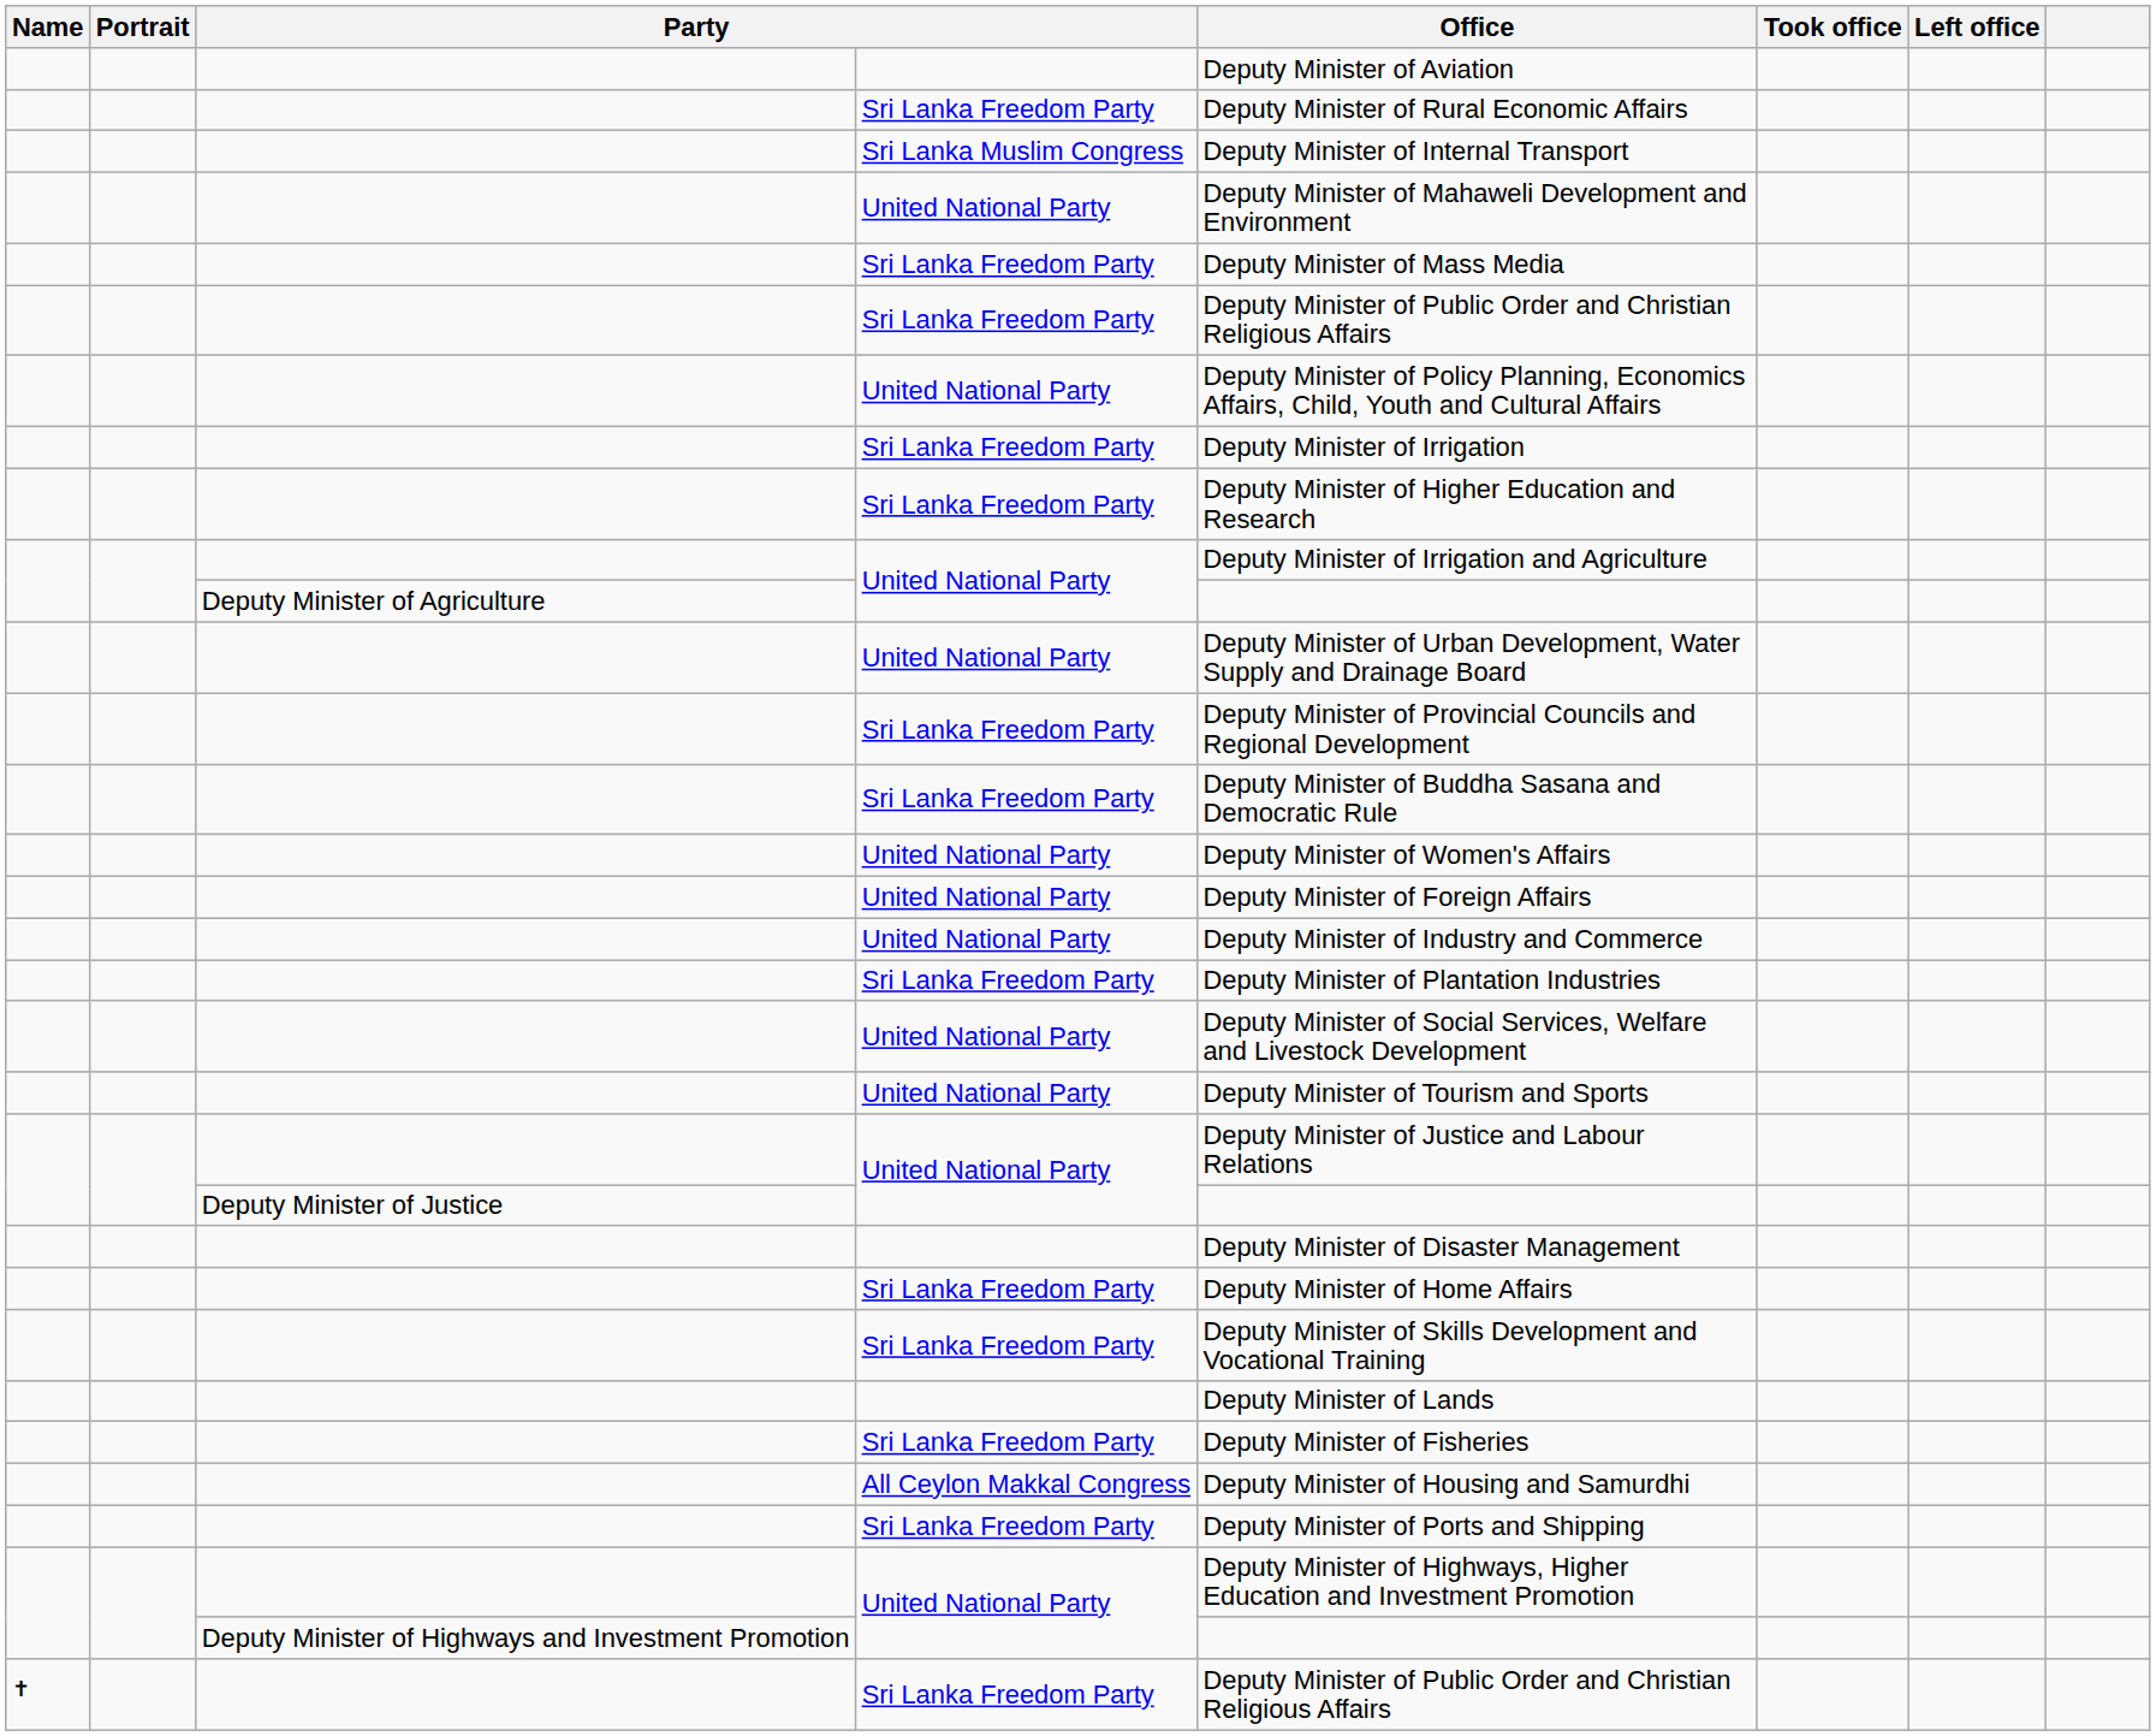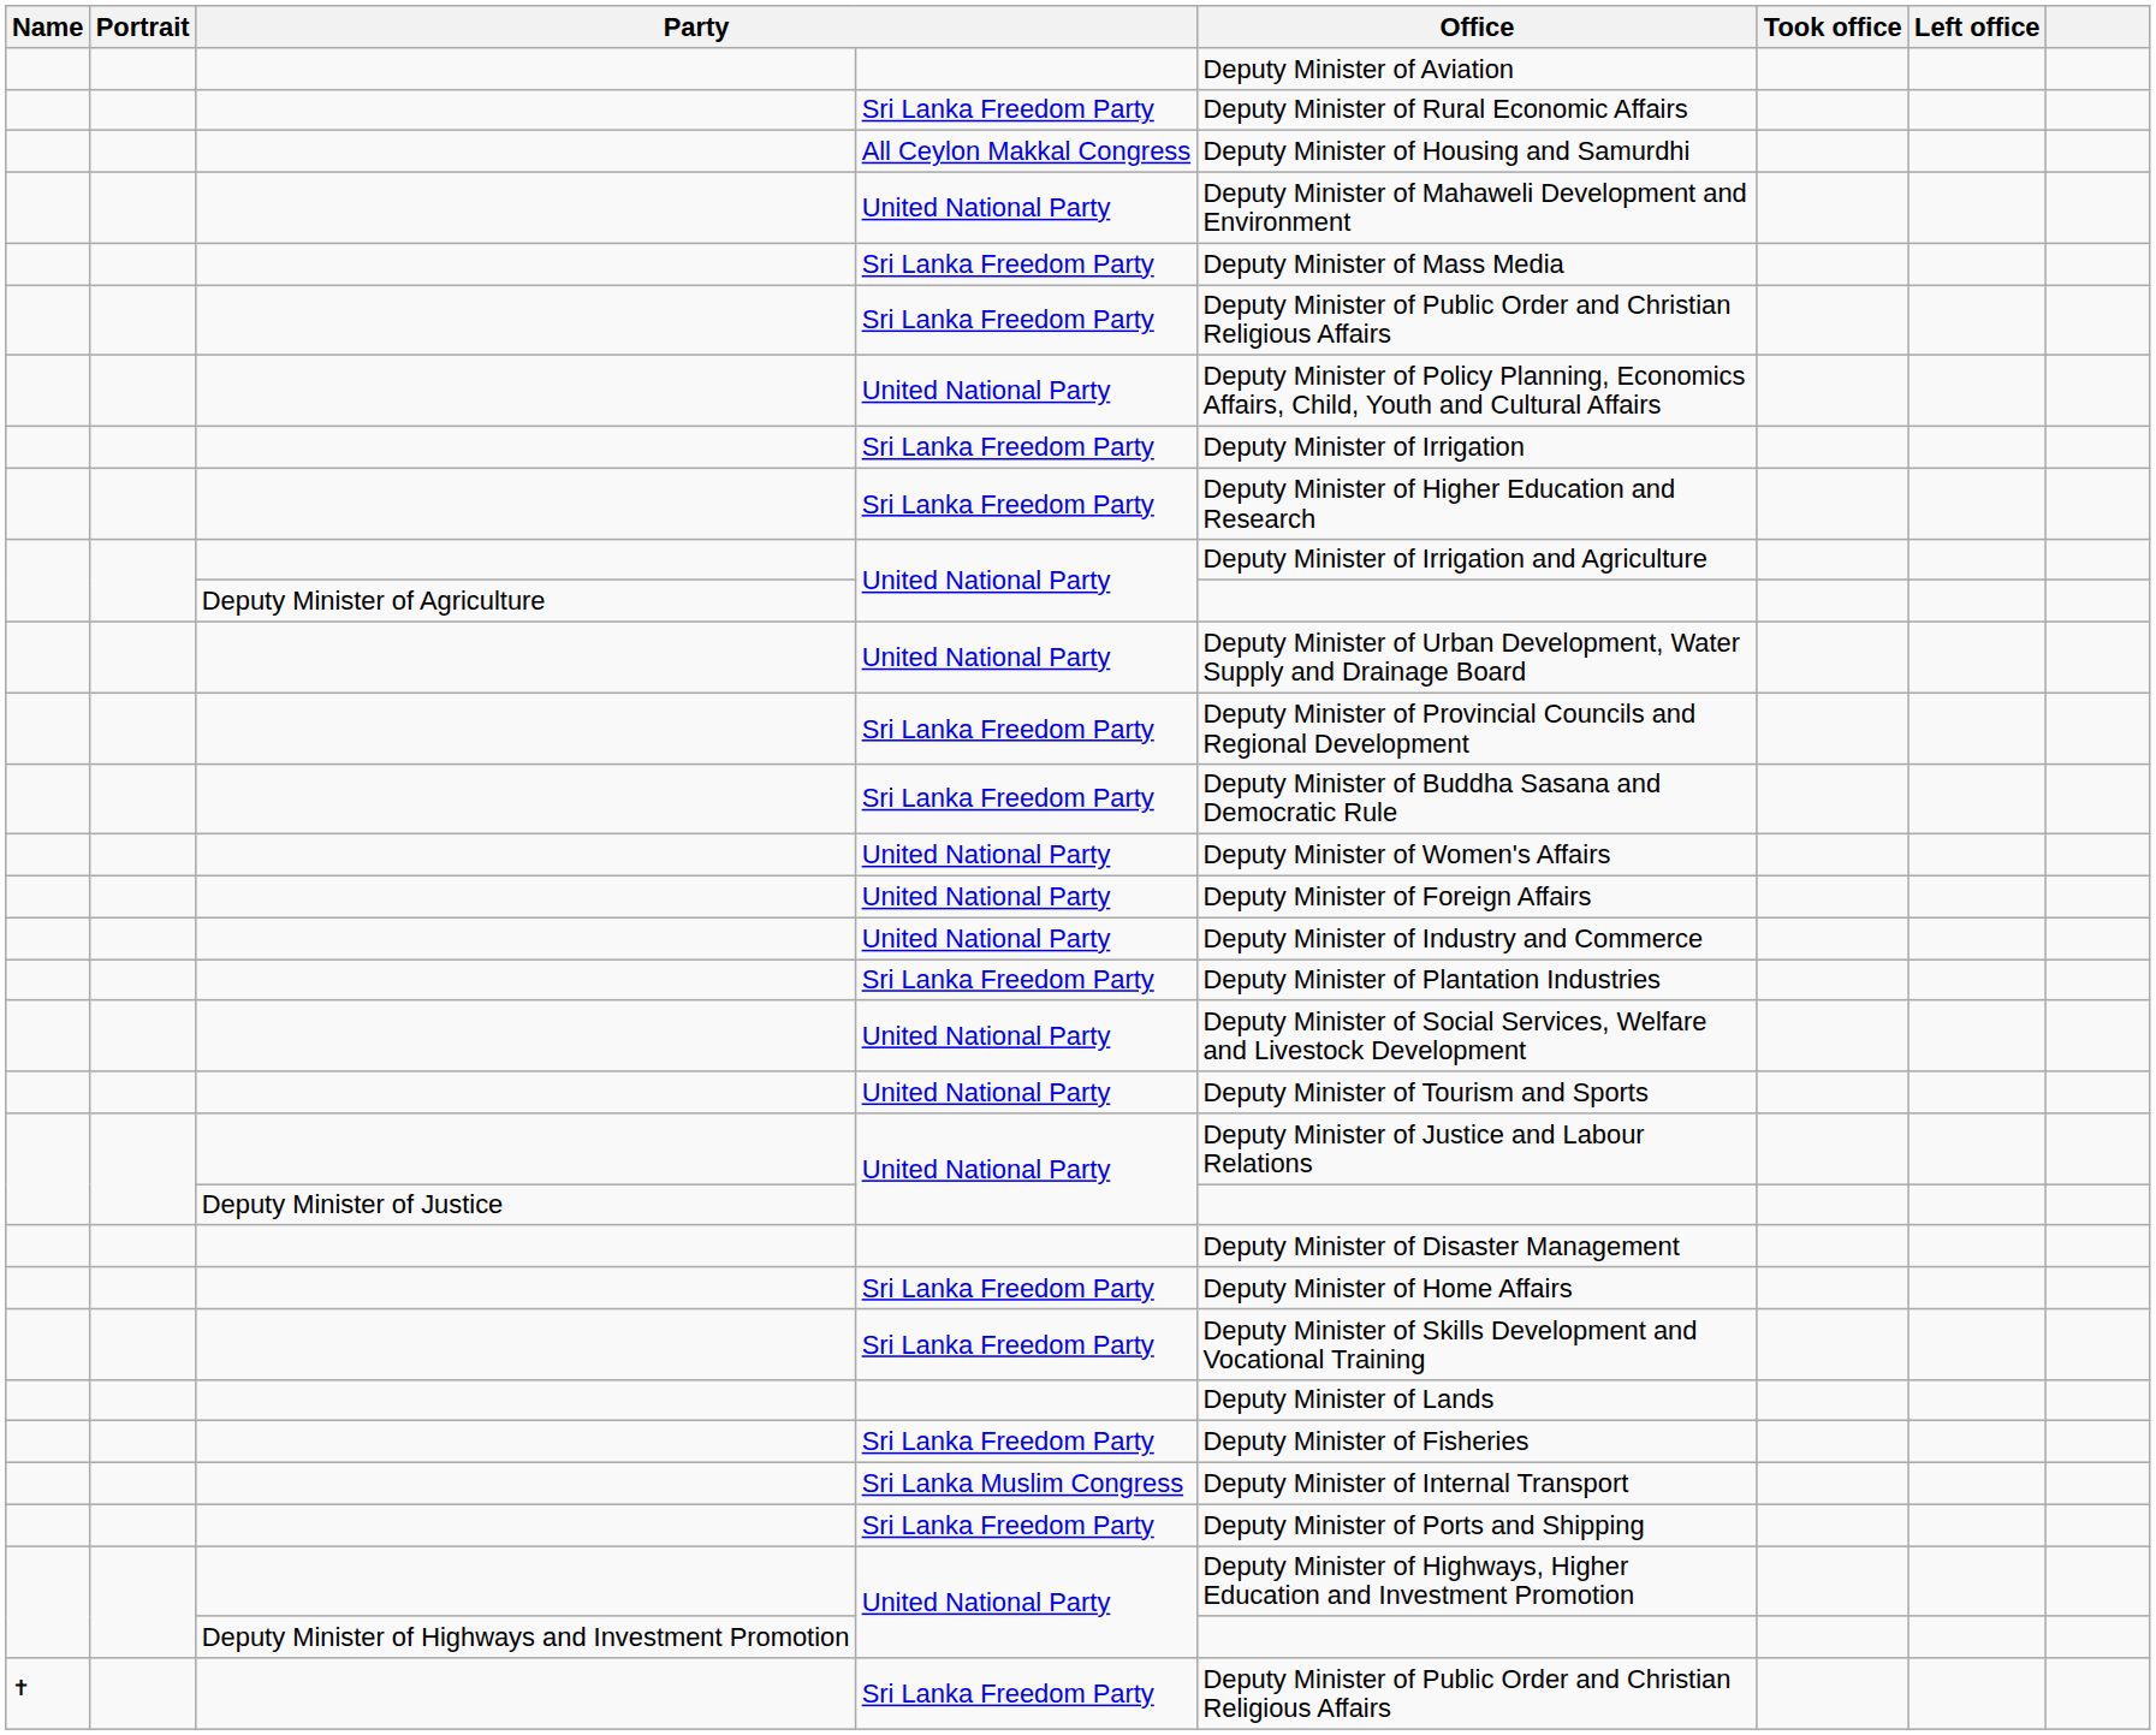 <table class="wikitable plainrowheaders sortable" style="font-size:90%; text-align:left;">
 <tr>
 <th scope=col>Name</th>
 <th scope=col class=unsortable>Portrait</th>
 <th scope=col colspan="2">Party</th>
 <th scope=col width=300px>Office</th>
 <th scope=col>Took office</th>
 <th scope=col>Left office</th>
 <th scope=col width=50px class=unsortable></th>
 </tr>
 <tr>
 <td></td>
 <td align=center></td>
 <td></td>
 <td></td>
 <td>Deputy Minister of Aviation</td>
 <td align=center></td>
 <td align=center></td>
 <td align=center></td>
 </tr>
 <tr>
 <td></td>
 <td align=center></td>
 <td !align="center" style="background:"></td>
 <td><a href='#'>Sri Lanka Freedom Party</a></td>
 <td>Deputy Minister of Rural Economic Affairs</td>
 <td align=center></td>
 <td align=center></td>
 <td align=center></td>
 </tr>
 <tr>
 <td></td>
 <td align=center></td>
 <td !align="center" style="background:"></td>
-<td><a href='#'>Sri Lanka Muslim Congress</a></td>
-<td>Deputy Minister of Internal Transport</td>
+<td><a href='#'>All Ceylon Makkal Congress</a></td>
+<td>Deputy Minister of Housing and Samurdhi</td>
 <td align=center></td>
 <td align=center></td>
 <td align=center></td>
 </tr>
 <tr>
 <td></td>
 <td align=center></td>
 <td !align="center" style="background:"></td>
 <td><a href='#'>United National Party</a></td>
 <td>Deputy Minister of Mahaweli Development and Environment</td>
 <td align=center></td>
 <td align=center></td>
 <td align=center></td>
 </tr>
 <tr>
 <td></td>
 <td align=center></td>
 <td !align="center" style="background:"></td>
 <td><a href='#'>Sri Lanka Freedom Party</a></td>
 <td>Deputy Minister of Mass Media</td>
 <td align=center></td>
 <td align=center></td>
 <td align=center></td>
 </tr>
 <tr>
 <td></td>
 <td align=center></td>
 <td !align="center" style="background:"></td>
 <td><a href='#'>Sri Lanka Freedom Party</a></td>
 <td>Deputy Minister of Public Order and Christian Religious Affairs</td>
 <td align=center></td>
 <td align=center></td>
 <td align=center></td>
 </tr>
 <tr>
 <td></td>
 <td align=center></td>
 <td !align="center" style="background:"></td>
 <td><a href='#'>United National Party</a></td>
 <td>Deputy Minister of Policy Planning, Economics Affairs, Child, Youth and Cultural Affairs</td>
 <td align=center></td>
 <td align=center></td>
 <td align=center></td>
 </tr>
 <tr>
 <td></td>
 <td align=center></td>
 <td !align="center" style="background:"></td>
 <td><a href='#'>Sri Lanka Freedom Party</a></td>
 <td>Deputy Minister of Irrigation</td>
 <td align=center></td>
 <td align=center></td>
 <td align=center></td>
 </tr>
 <tr>
 <td></td>
 <td align=center></td>
 <td !align="center" style="background:"></td>
 <td><a href='#'>Sri Lanka Freedom Party</a></td>
 <td>Deputy Minister of Higher Education and Research</td>
 <td align=center></td>
 <td align=center></td>
 <td align=center></td>
 </tr>
 <tr>
 <td rowspan=2></td>
 <td align=center rowspan=2></td>
 <td !align="center" style="background:"></td>
 <td rowspan=2><a href='#'>United National Party</a></td>
 <td>Deputy Minister of Irrigation and Agriculture</td>
 <td align=center></td>
 <td align=center></td>
 <td align=center></td>
 </tr>
 <tr>
 <td>Deputy Minister of Agriculture</td>
 <td align=center></td>
 <td align=center></td>
 <td align=center></td>
 </tr>
 <tr>
 <td></td>
 <td align=center></td>
 <td !align="center" style="background:"></td>
 <td><a href='#'>United National Party</a></td>
 <td>Deputy Minister of Urban Development, Water Supply and Drainage Board</td>
 <td align=center></td>
 <td align=center></td>
 <td align=center></td>
 </tr>
 <tr>
 <td></td>
 <td align=center></td>
 <td !align="center" style="background:"></td>
 <td><a href='#'>Sri Lanka Freedom Party</a></td>
 <td>Deputy Minister of Provincial Councils and Regional Development</td>
 <td align=center></td>
 <td align=center></td>
 <td align=center></td>
 </tr>
 <tr>
 <td></td>
 <td align=center></td>
 <td !align="center" style="background:"></td>
 <td><a href='#'>Sri Lanka Freedom Party</a></td>
 <td>Deputy Minister of Buddha Sasana and Democratic Rule</td>
 <td align=center></td>
 <td align=center></td>
 <td align=center></td>
 </tr>
 <tr>
 <td></td>
 <td align=center></td>
 <td !align="center" style="background:"></td>
 <td><a href='#'>United National Party</a></td>
 <td>Deputy Minister of Women's Affairs</td>
 <td align=center></td>
 <td align=center></td>
 <td align=center></td>
 </tr>
 <tr>
 <td></td>
 <td align=center></td>
 <td !align="center" style="background:"></td>
 <td><a href='#'>United National Party</a></td>
 <td>Deputy Minister of Foreign Affairs</td>
 <td align=center></td>
 <td align=center></td>
 <td align=center></td>
 </tr>
 <tr>
 <td></td>
 <td align=center></td>
 <td !align="center" style="background:"></td>
 <td><a href='#'>United National Party</a></td>
 <td>Deputy Minister of Industry and Commerce</td>
 <td align=center></td>
 <td align=center></td>
 <td align=center></td>
 </tr>
 <tr>
 <td></td>
 <td align=center></td>
 <td !align="center" style="background:"></td>
 <td><a href='#'>Sri Lanka Freedom Party</a></td>
 <td>Deputy Minister of Plantation Industries</td>
 <td align=center></td>
 <td align=center></td>
 <td align=center></td>
 </tr>
 <tr>
 <td></td>
 <td align=center></td>
 <td !align="center" style="background:"></td>
 <td><a href='#'>United National Party</a></td>
 <td>Deputy Minister of Social Services, Welfare and Livestock Development</td>
 <td align=center></td>
 <td align=center></td>
 <td align=center></td>
 </tr>
 <tr>
 <td></td>
 <td align=center></td>
 <td !align="center" style="background:"></td>
 <td><a href='#'>United National Party</a></td>
 <td>Deputy Minister of Tourism and Sports</td>
 <td align=center></td>
 <td align=center></td>
 <td align=center></td>
 </tr>
 <tr>
 <td rowspan=2></td>
 <td align=center rowspan=2></td>
 <td !align="center" style="background:"></td>
 <td rowspan=2><a href='#'>United National Party</a></td>
 <td>Deputy Minister of Justice and Labour Relations</td>
 <td align=center></td>
 <td align=center></td>
 <td align=center></td>
 </tr>
 <tr>
 <td>Deputy Minister of Justice</td>
 <td align=center></td>
 <td align=center></td>
 <td align=center></td>
 </tr>
 <tr>
 <td></td>
 <td align=center></td>
 <td></td>
 <td></td>
 <td>Deputy Minister of Disaster Management</td>
 <td align=center></td>
 <td align=center></td>
 <td align=center></td>
 </tr>
 <tr>
 <td></td>
 <td align=center></td>
 <td !align="center" style="background:"></td>
 <td><a href='#'>Sri Lanka Freedom Party</a></td>
 <td>Deputy Minister of Home Affairs</td>
 <td align=center></td>
 <td align=center></td>
 <td align=center></td>
 </tr>
 <tr>
 <td></td>
 <td align=center></td>
 <td !align="center" style="background:"></td>
 <td><a href='#'>Sri Lanka Freedom Party</a></td>
 <td>Deputy Minister of Skills Development and Vocational Training</td>
 <td align=center></td>
 <td align=center></td>
 <td align=center></td>
 </tr>
 <tr>
 <td></td>
 <td align=center></td>
 <td></td>
 <td></td>
 <td>Deputy Minister of Lands</td>
 <td align=center></td>
 <td align=center></td>
 <td align=center></td>
 </tr>
 <tr>
 <td></td>
 <td align=center></td>
 <td !align="center" style="background:"></td>
 <td><a href='#'>Sri Lanka Freedom Party</a></td>
 <td>Deputy Minister of Fisheries</td>
 <td align=center></td>
 <td align=center></td>
 <td align=center></td>
 </tr>
 <tr>
 <td></td>
 <td align=center></td>
 <td !align="center" style="background:"></td>
-<td><a href='#'>All Ceylon Makkal Congress</a></td>
-<td>Deputy Minister of Housing and Samurdhi</td>
+<td><a href='#'>Sri Lanka Muslim Congress</a></td>
+<td>Deputy Minister of Internal Transport</td>
 <td align=center></td>
 <td align=center></td>
 <td align=center></td>
 </tr>
 <tr>
 <td></td>
 <td align=center></td>
 <td !align="center" style="background:"></td>
 <td><a href='#'>Sri Lanka Freedom Party</a></td>
 <td>Deputy Minister of Ports and Shipping</td>
 <td align=center></td>
 <td align=center></td>
 <td align=center></td>
 </tr>
 <tr>
 <td rowspan=2></td>
 <td align=center rowspan=2></td>
 <td !align="center" style="background:"></td>
 <td rowspan=2><a href='#'>United National Party</a></td>
 <td>Deputy Minister of Highways, Higher Education and Investment Promotion</td>
 <td align=center></td>
 <td align=center></td>
 <td align=center></td>
 </tr>
 <tr>
 <td>Deputy Minister of Highways and Investment Promotion</td>
 <td align=center></td>
 <td align=center></td>
 <td align=center></td>
 </tr>
 <tr>
 <td><sup>✝</sup></td>
 <td align=center></td>
 <td !align="center" style="background:"></td>
 <td><a href='#'>Sri Lanka Freedom Party</a></td>
 <td>Deputy Minister of Public Order and Christian Religious Affairs</td>
 <td align=center></td>
 <td align=center></td>
 <td align=center></td>
 </tr>
 </table>
